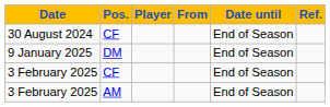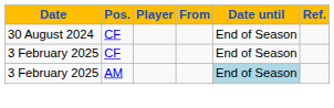 <table class="wikitable plainrowheaders sortable">
 <tr>
 <th style="background:#ffbf00;color:#1C4EBD ">Date</th>
 <th style="background:#ffbf00;color:#1C4EBD ">Pos.</th>
 <th style="background:#ffbf00;color:#1C4EBD ">Player</th>
 <th style="background:#ffbf00;color:#1C4EBD ">From</th>
 <th style="background:#ffbf00;color:#1C4EBD ">Date until</th>
 <th style="background:#ffbf00;color:#1C4EBD ">Ref.</th>
 </tr>
 <tr>
 <td>30 August 2024</td>
 <td><a href='#'>CF</a></td>
 <td></td>
 <td></td>
 <td>End of Season</td>
 <td></td>
 </tr>
 <tr>
-<td>9 January 2025</td>
-<td><a href='#'>DM</a></td>
-<td></td>
-<td></td>
-<td>End of Season</td>
-<td></td>
-</tr>
-<tr>
 <td>3 February 2025</td>
 <td><a href='#'>CF</a></td>
 <td></td>
 <td></td>
 <td>End of Season</td>
 <td></td>
 </tr>
 <tr>
 <td>3 February 2025</td>
 <td><a href='#'>AM</a></td>
 <td></td>
 <td></td>
-<td>End of Season</td>
+<td style="background: lightblue;">End of Season</td>
 <td></td>
 </tr>
 </table>
